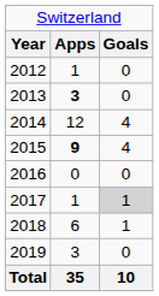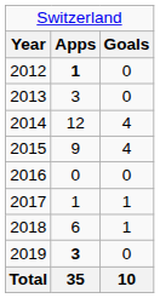 <table class="wikitable" style="text-align:center">
 <tr>
 <td colspan="3"><a href='#'>Switzerland</a></td>
 </tr>
 <tr>
 <th>Year</th>
 <th>Apps</th>
 <th>Goals</th>
 </tr>
 <tr>
 <td>2012</td>
-<td>1</td>
+<td><strong>1</strong></td>
 <td>0</td>
 </tr>
 <tr>
 <td>2013</td>
-<td><strong>3</strong></td>
+<td>3</td>
 <td>0</td>
 </tr>
 <tr>
 <td>2014</td>
 <td>12</td>
 <td>4</td>
 </tr>
 <tr>
 <td>2015</td>
-<td><strong>9</strong></td>
+<td>9</td>
 <td>4</td>
 </tr>
 <tr>
 <td>2016</td>
 <td>0</td>
 <td>0</td>
 </tr>
 <tr>
 <td>2017</td>
 <td>1</td>
-<td style="background: lightgrey;">1</td>
+<td>1</td>
 </tr>
 <tr>
 <td>2018</td>
 <td>6</td>
 <td>1</td>
 </tr>
 <tr>
 <td>2019</td>
-<td>3</td>
+<td><strong>3</strong></td>
 <td>0</td>
 </tr>
 <tr>
 <th>Total</th>
 <th>35</th>
 <th>10</th>
 </tr>
 </table>
